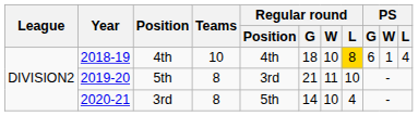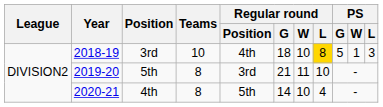 <table class="wikitable" style="text-align:center;">
 <tr>
 <th rowspan="2">League</th>
 <th rowspan="2">Year</th>
 <th rowspan="2">Position</th>
 <th rowspan="2">Teams</th>
 <th colspan="4">Regular round</th>
 <th colspan="3">PS</th>
 </tr>
 <tr>
 <th>Position</th>
 <th>G</th>
 <th>W</th>
 <th>L</th>
 <th>G</th>
 <th>W</th>
 <th>L</th>
 </tr>
 <tr>
 <td rowspan="4">DIVISION2</td>
 <td><a href='#'>2018-19</a></td>
-<td>4th</td>
+<td>3rd</td>
 <td>10</td>
 <td>4th</td>
 <td>18</td>
 <td>10</td>
 <td style="background: gold;">8</td>
-<td>6</td>
+<td>5</td>
 <td>1</td>
-<td>4</td>
+<td>3</td>
 </tr>
 <tr>
 <td><a href='#'>2019-20</a></td>
 <td>5th</td>
 <td>8</td>
 <td>3rd</td>
 <td>21</td>
 <td>11</td>
 <td>10</td>
 <td colspan="3">-</td>
 </tr>
 <tr>
 <td><a href='#'>2020-21</a></td>
-<td>3rd</td>
+<td>4th</td>
 <td>8</td>
 <td>5th</td>
 <td>14</td>
 <td>10</td>
 <td>4</td>
 <td colspan="3">-</td>
 </tr>
 </table>
